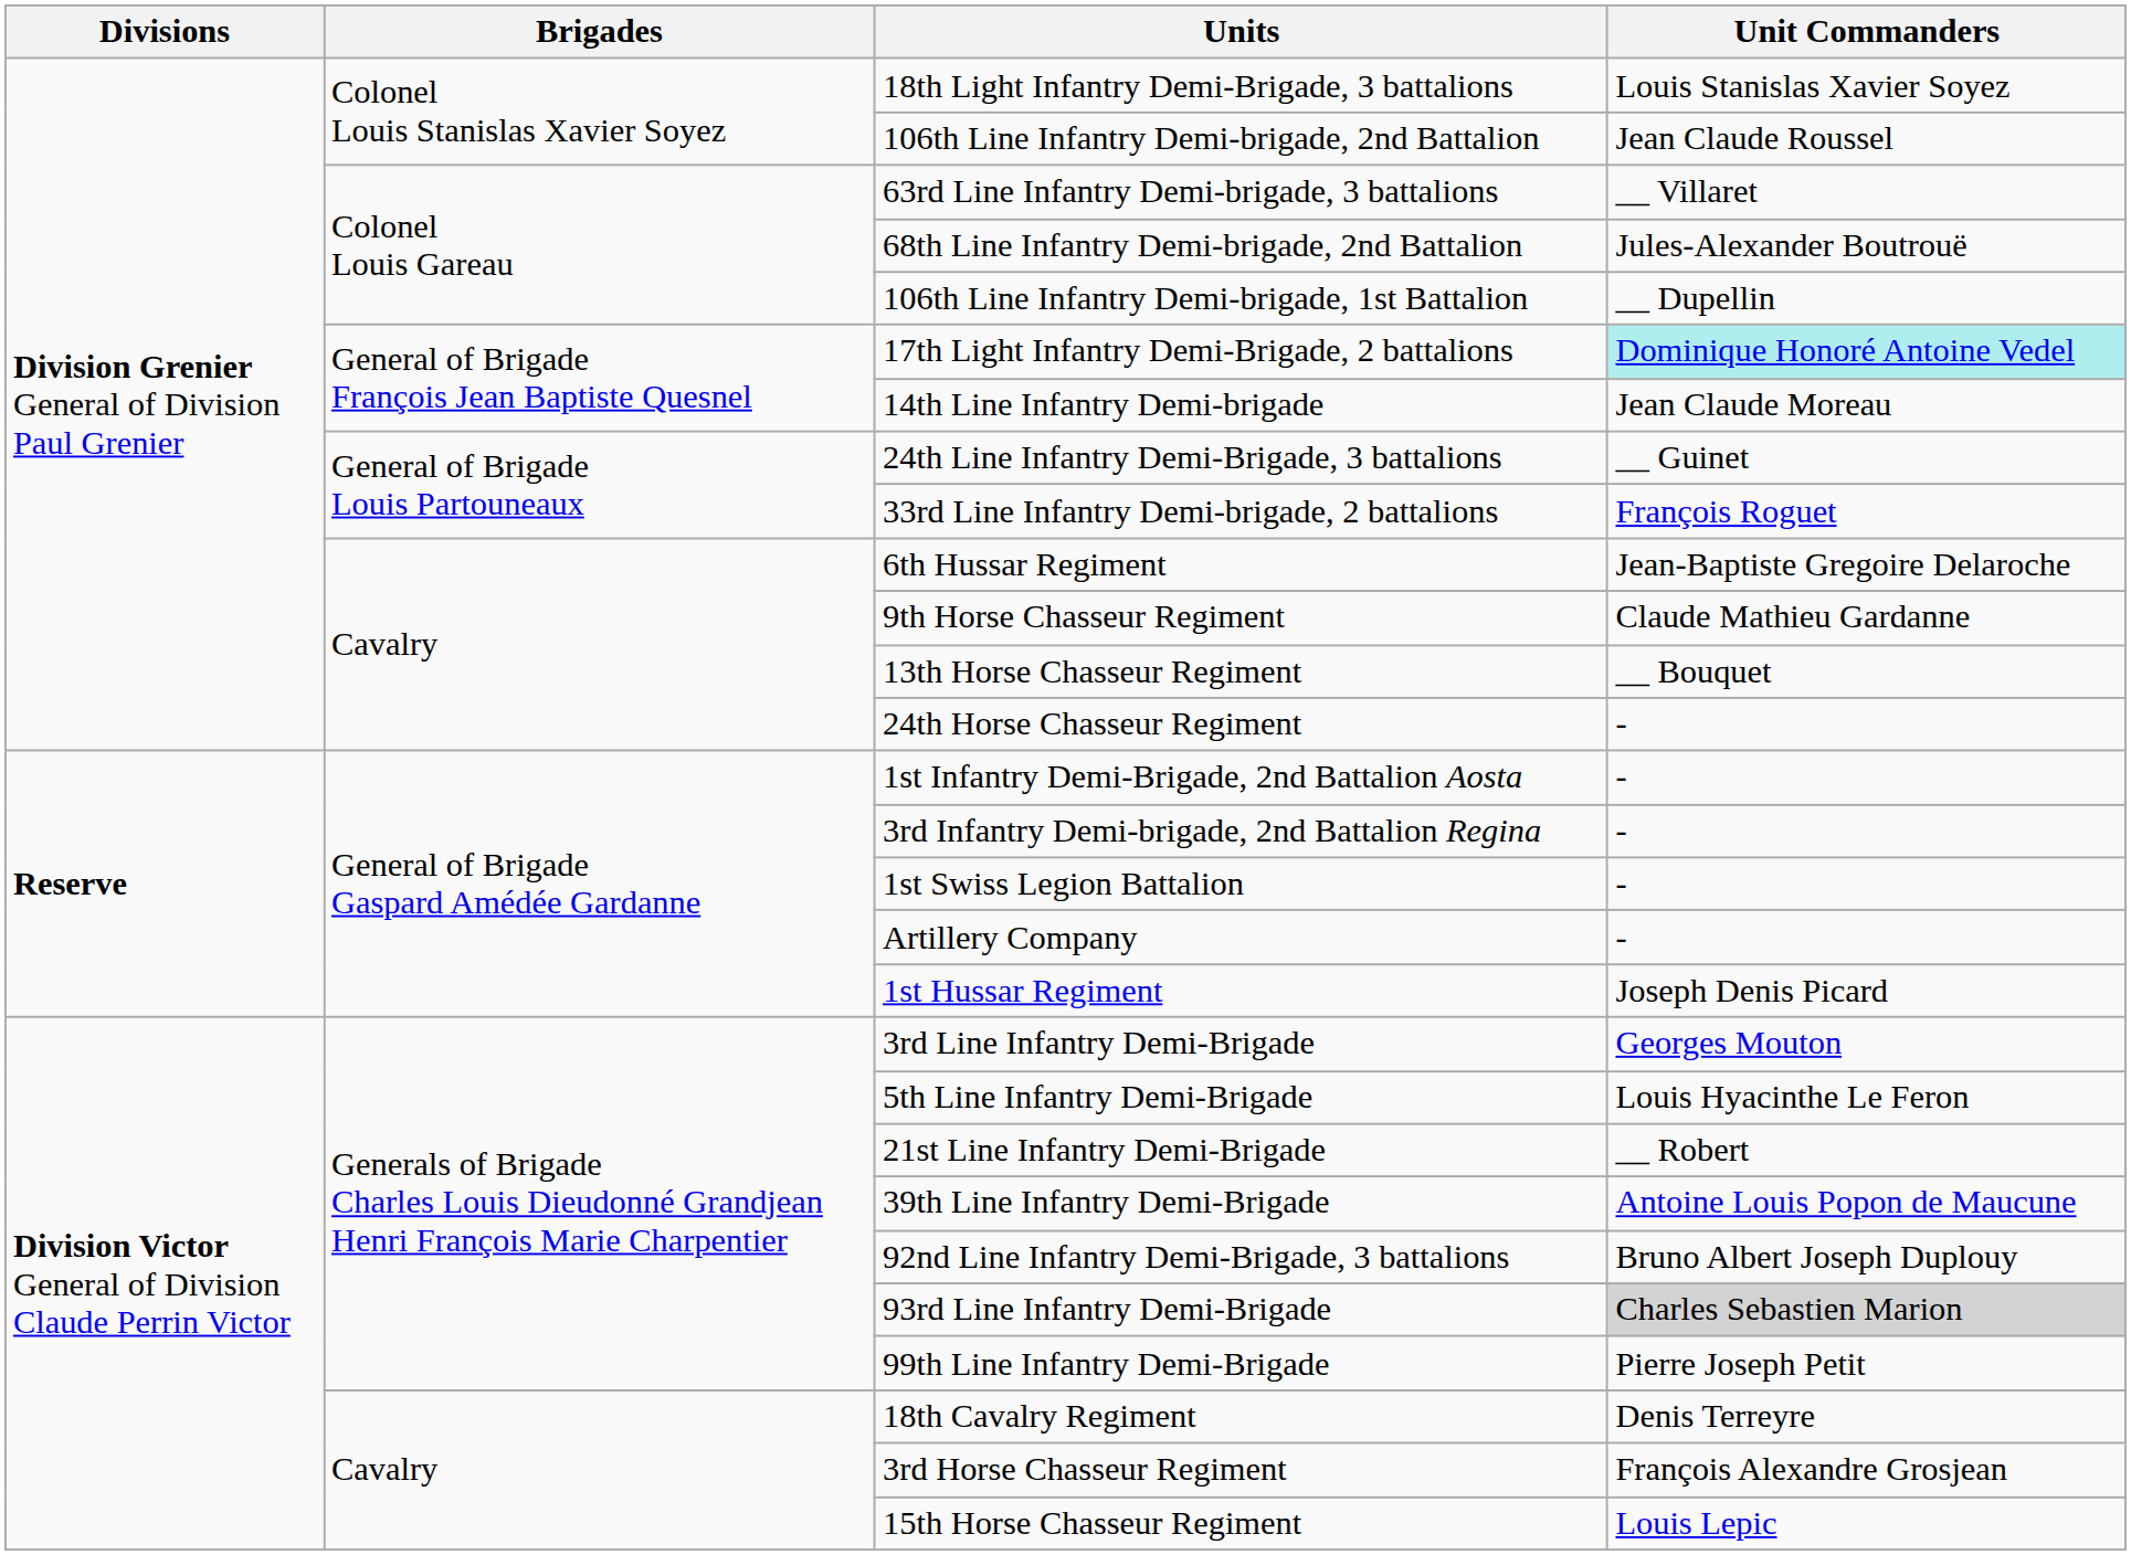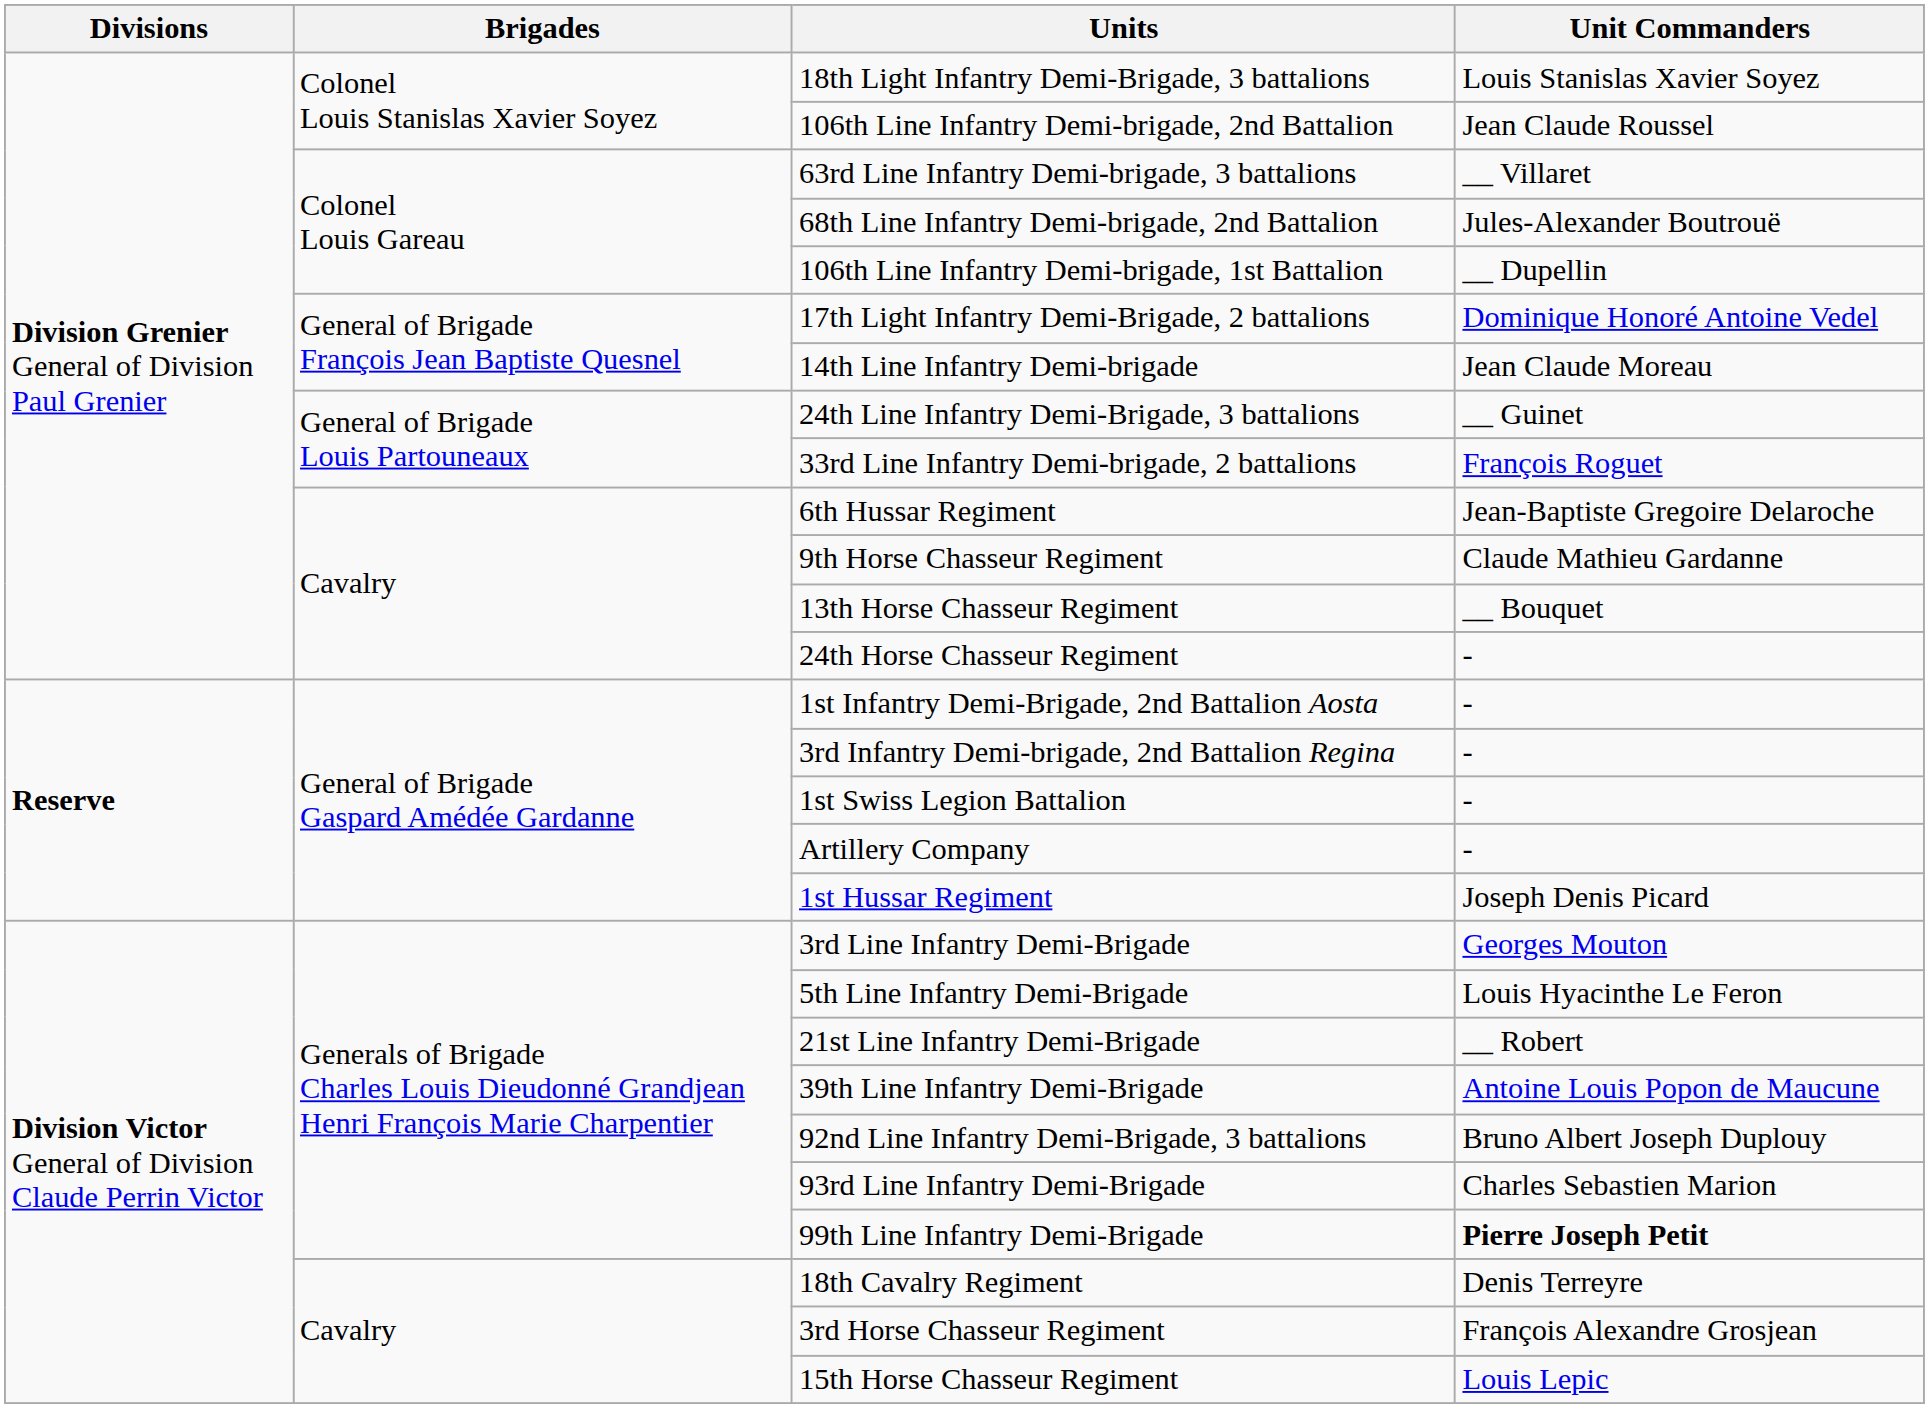 <table class="wikitable" style="text-align:left; width:80%;">
 <tr>
 <th>Divisions</th>
 <th>Brigades</th>
 <th>Units</th>
 <th>Unit Commanders</th>
 </tr>
 <tr>
 <td ROWSPAN=13><strong>Division Grenier</strong><br>General of Division<br><a href='#'>Paul Grenier</a></td>
 <td ROWSPAN=2>Colonel<br>Louis Stanislas Xavier Soyez</td>
 <td> 18th Light Infantry Demi-Brigade, 3 battalions</td>
 <td>Louis Stanislas Xavier Soyez</td>
 </tr>
 <tr>
 <td> 106th Line Infantry Demi-brigade, 2nd Battalion</td>
 <td>Jean Claude Roussel</td>
 </tr>
 <tr>
 <td ROWSPAN=3>Colonel<br>Louis Gareau</td>
 <td> 63rd Line Infantry Demi-brigade, 3 battalions</td>
 <td>__ Villaret</td>
 </tr>
 <tr>
 <td> 68th Line Infantry Demi-brigade, 2nd Battalion</td>
 <td>Jules-Alexander Boutrouë</td>
 </tr>
 <tr>
 <td> 106th Line Infantry Demi-brigade, 1st Battalion</td>
 <td>__ Dupellin</td>
 </tr>
 <tr>
 <td ROWSPAN=2>General of Brigade<br><a href='#'>François Jean Baptiste Quesnel</a></td>
 <td> 17th Light Infantry Demi-Brigade, 2 battalions</td>
-<td style="background: paleturquoise;"><a href='#'>Dominique Honoré Antoine Vedel</a></td>
+<td><a href='#'>Dominique Honoré Antoine Vedel</a></td>
 </tr>
 <tr>
 <td> 14th Line Infantry Demi-brigade</td>
 <td>Jean Claude Moreau</td>
 </tr>
 <tr>
 <td ROWSPAN=2>General of Brigade<br><a href='#'>Louis Partouneaux</a></td>
 <td> 24th Line Infantry Demi-Brigade, 3 battalions</td>
 <td>__ Guinet</td>
 </tr>
 <tr>
 <td> 33rd Line Infantry Demi-brigade, 2 battalions</td>
 <td><a href='#'>François Roguet</a></td>
 </tr>
 <tr>
 <td ROWSPAN=4>Cavalry</td>
 <td> 6th Hussar Regiment</td>
 <td>Jean-Baptiste Gregoire Delaroche</td>
 </tr>
 <tr>
 <td> 9th Horse Chasseur Regiment</td>
 <td>Claude Mathieu Gardanne</td>
 </tr>
 <tr>
 <td> 13th Horse Chasseur Regiment</td>
 <td>__ Bouquet</td>
 </tr>
 <tr>
 <td> 24th Horse Chasseur Regiment</td>
 <td>-</td>
 </tr>
 <tr>
 <td ROWSPAN=5><strong>Reserve</strong></td>
 <td ROWSPAN=5>General of Brigade<br><a href='#'>Gaspard Amédée Gardanne</a></td>
 <td>1st Infantry Demi-Brigade, 2nd Battalion <em>Aosta</em></td>
 <td>-</td>
 </tr>
 <tr>
 <td>3rd Infantry Demi-brigade, 2nd Battalion <em>Regina</em></td>
 <td>-</td>
 </tr>
 <tr>
 <td>1st Swiss Legion Battalion</td>
 <td>-</td>
 </tr>
 <tr>
 <td>Artillery Company</td>
 <td>-</td>
 </tr>
 <tr>
 <td> <a href='#'>1st Hussar Regiment</a></td>
 <td>Joseph Denis Picard</td>
 </tr>
 <tr>
 <td ROWSPAN=10><strong>Division Victor</strong><br>General of Division<br><a href='#'>Claude Perrin Victor</a></td>
 <td ROWSPAN=7>Generals of Brigade<br><a href='#'>Charles Louis Dieudonné Grandjean</a><br><a href='#'>Henri François Marie Charpentier</a></td>
 <td> 3rd Line Infantry Demi-Brigade</td>
 <td><a href='#'>Georges Mouton</a></td>
 </tr>
 <tr>
 <td> 5th Line Infantry Demi-Brigade</td>
 <td>Louis Hyacinthe Le Feron</td>
 </tr>
 <tr>
 <td> 21st Line Infantry Demi-Brigade</td>
 <td>__ Robert</td>
 </tr>
 <tr>
 <td> 39th Line Infantry Demi-Brigade</td>
 <td><a href='#'>Antoine Louis Popon de Maucune</a></td>
 </tr>
 <tr>
 <td> 92nd Line Infantry Demi-Brigade, 3 battalions</td>
 <td>Bruno Albert Joseph Duplouy</td>
 </tr>
 <tr>
 <td> 93rd Line Infantry Demi-Brigade</td>
-<td style="background: lightgrey;">Charles Sebastien Marion</td>
+<td>Charles Sebastien Marion</td>
 </tr>
 <tr>
 <td> 99th Line Infantry Demi-Brigade</td>
-<td>Pierre Joseph Petit</td>
+<td><strong>Pierre Joseph Petit</strong></td>
 </tr>
 <tr>
 <td ROWSPAN=3>Cavalry</td>
 <td> 18th Cavalry Regiment</td>
 <td>Denis Terreyre</td>
 </tr>
 <tr>
 <td> 3rd Horse Chasseur Regiment</td>
 <td>François Alexandre Grosjean</td>
 </tr>
 <tr>
 <td> 15th Horse Chasseur Regiment</td>
 <td><a href='#'>Louis Lepic</a></td>
 </tr>
 <tr>
 </tr>
 </table>
